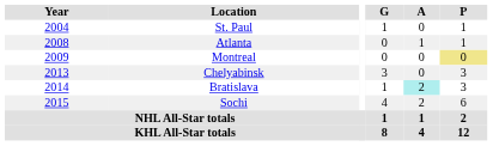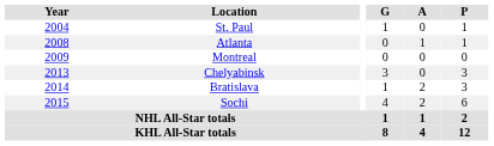 <table border="0" cellpadding="1" cellspacing="0" ID="Table3" style="text-align:center; width:40em">
 <tr ALIGN="center" bgcolor="#e0e0e0">
 <th>Year</th>
 <th>Location</th>
 <th rowspan="99" bgcolor="#ffffff"></th>
 <th>G</th>
 <th>A</th>
 <th>P</th>
 </tr>
 <tr style="text-align:center;">
 <td><a href='#'>2004</a></td>
 <td><a href='#'>St. Paul</a></td>
 <td>1</td>
 <td>0</td>
 <td>1</td>
 </tr>
 <tr style="text-align:center; background:#f0f0f0;">
 <td><a href='#'>2008</a></td>
 <td><a href='#'>Atlanta</a></td>
 <td>0</td>
 <td>1</td>
 <td>1</td>
 </tr>
 <tr style="text-align:center;">
 <td><a href='#'>2009</a></td>
 <td><a href='#'>Montreal</a></td>
 <td>0</td>
 <td>0</td>
-<td style="background: khaki;">0</td>
+<td>0</td>
 </tr>
 <tr style="text-align:center; background:#f0f0f0;">
 <td><a href='#'>2013</a></td>
 <td><a href='#'>Chelyabinsk</a></td>
 <td>3</td>
 <td>0</td>
 <td>3</td>
 </tr>
 <tr style="text-align:center;">
 <td><a href='#'>2014</a></td>
 <td><a href='#'>Bratislava</a></td>
 <td>1</td>
-<td style="background: paleturquoise;">2</td>
+<td>2</td>
 <td>3</td>
 </tr>
 <tr style="text-align:center; background:#f0f0f0;">
 <td><a href='#'>2015</a></td>
 <td><a href='#'>Sochi</a></td>
 <td>4</td>
 <td>2</td>
 <td>6</td>
 </tr>
 <tr style="text-align:center; background:#e0e0e0;">
 <th colspan=3>NHL All-Star totals</th>
 <th>1</th>
 <th>1</th>
 <th>2</th>
 </tr>
 <tr style="text-align:center; background:#e0e0e0;">
 <th colspan=3>KHL All-Star totals</th>
 <th>8</th>
 <th>4</th>
 <th>12</th>
 </tr>
 </table>
